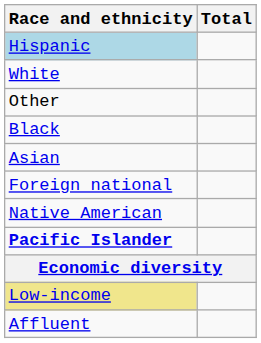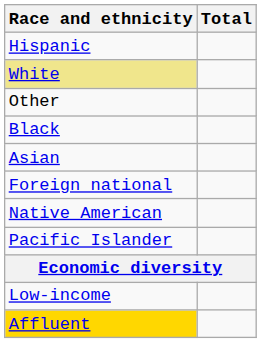 <table class="wikitable floatright sortable collapsible"; text-align:right; font-size:80%;">
 <tr>
 <th>Race and ethnicity</th>
 <th colspan="2" data-sort-type=number>Total</th>
 </tr>
 <tr>
-<td style="background: lightblue;"><a href='#'>Hispanic</a></td>
+<td><a href='#'>Hispanic</a></td>
 <td align=right></td>
 </tr>
 <tr>
-<td><a href='#'>White</a></td>
+<td style="background: khaki;"><a href='#'>White</a></td>
 <td align=right></td>
 </tr>
 <tr>
 <td>Other</td>
 <td align=right></td>
 </tr>
 <tr>
 <td><a href='#'>Black</a></td>
 <td align=right></td>
 </tr>
 <tr>
 <td><a href='#'>Asian</a></td>
 <td align=right></td>
 </tr>
 <tr>
 <td><a href='#'>Foreign national</a></td>
 <td align=right></td>
 </tr>
 <tr>
 <td><a href='#'>Native American</a></td>
 <td align=right></td>
 </tr>
 <tr>
-<td><strong><a href='#'>Pacific Islander</a></strong></td>
+<td><a href='#'>Pacific Islander</a></td>
 <td align=right></td>
 </tr>
 <tr>
 <th colspan="4" data-sort-type=number><a href='#'>Economic diversity</a></th>
 </tr>
 <tr>
-<td style="background: khaki;"><a href='#'>Low-income</a></td>
+<td><a href='#'>Low-income</a></td>
 <td align=right></td>
 </tr>
 <tr>
-<td><a href='#'>Affluent</a></td>
+<td style="background: gold;"><a href='#'>Affluent</a></td>
 <td align=right></td>
 </tr>
 </table>
